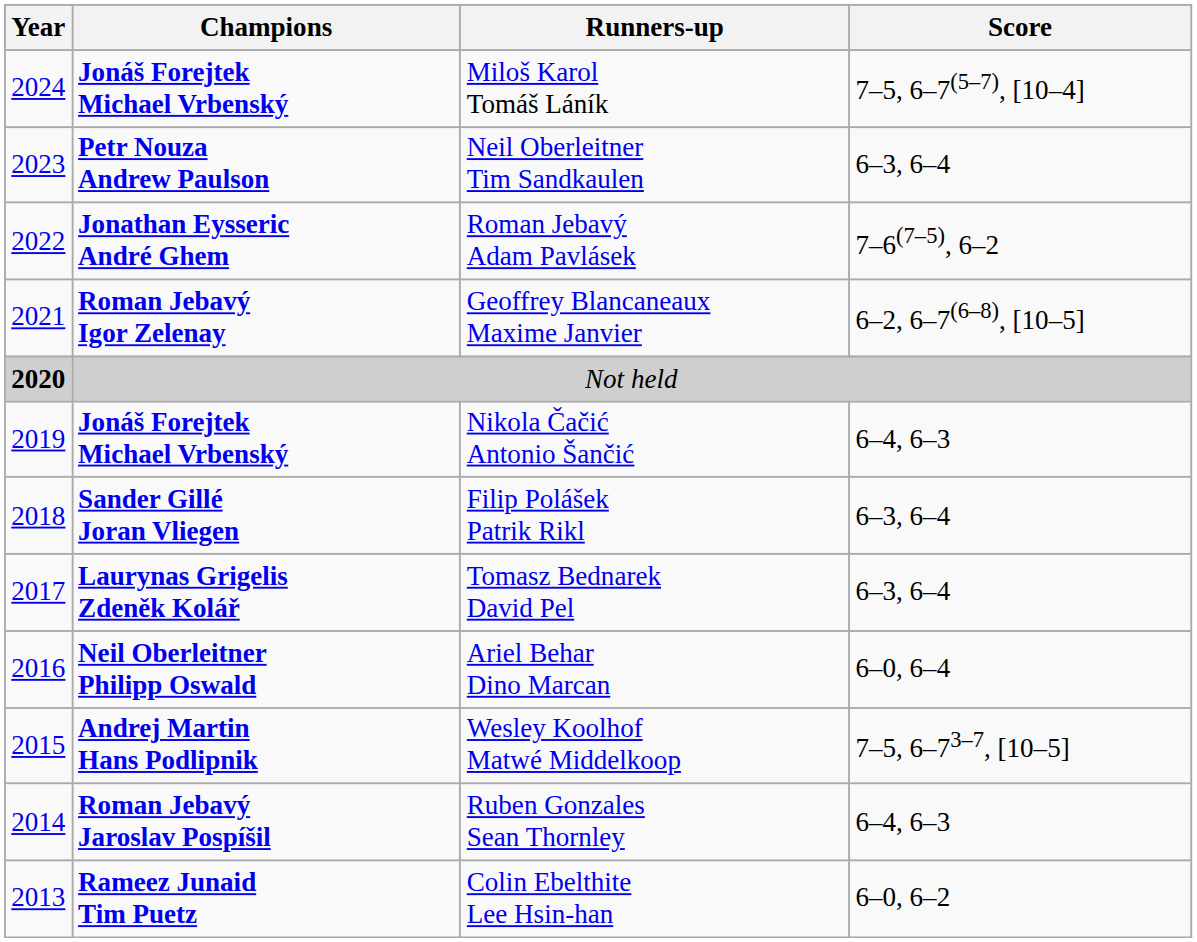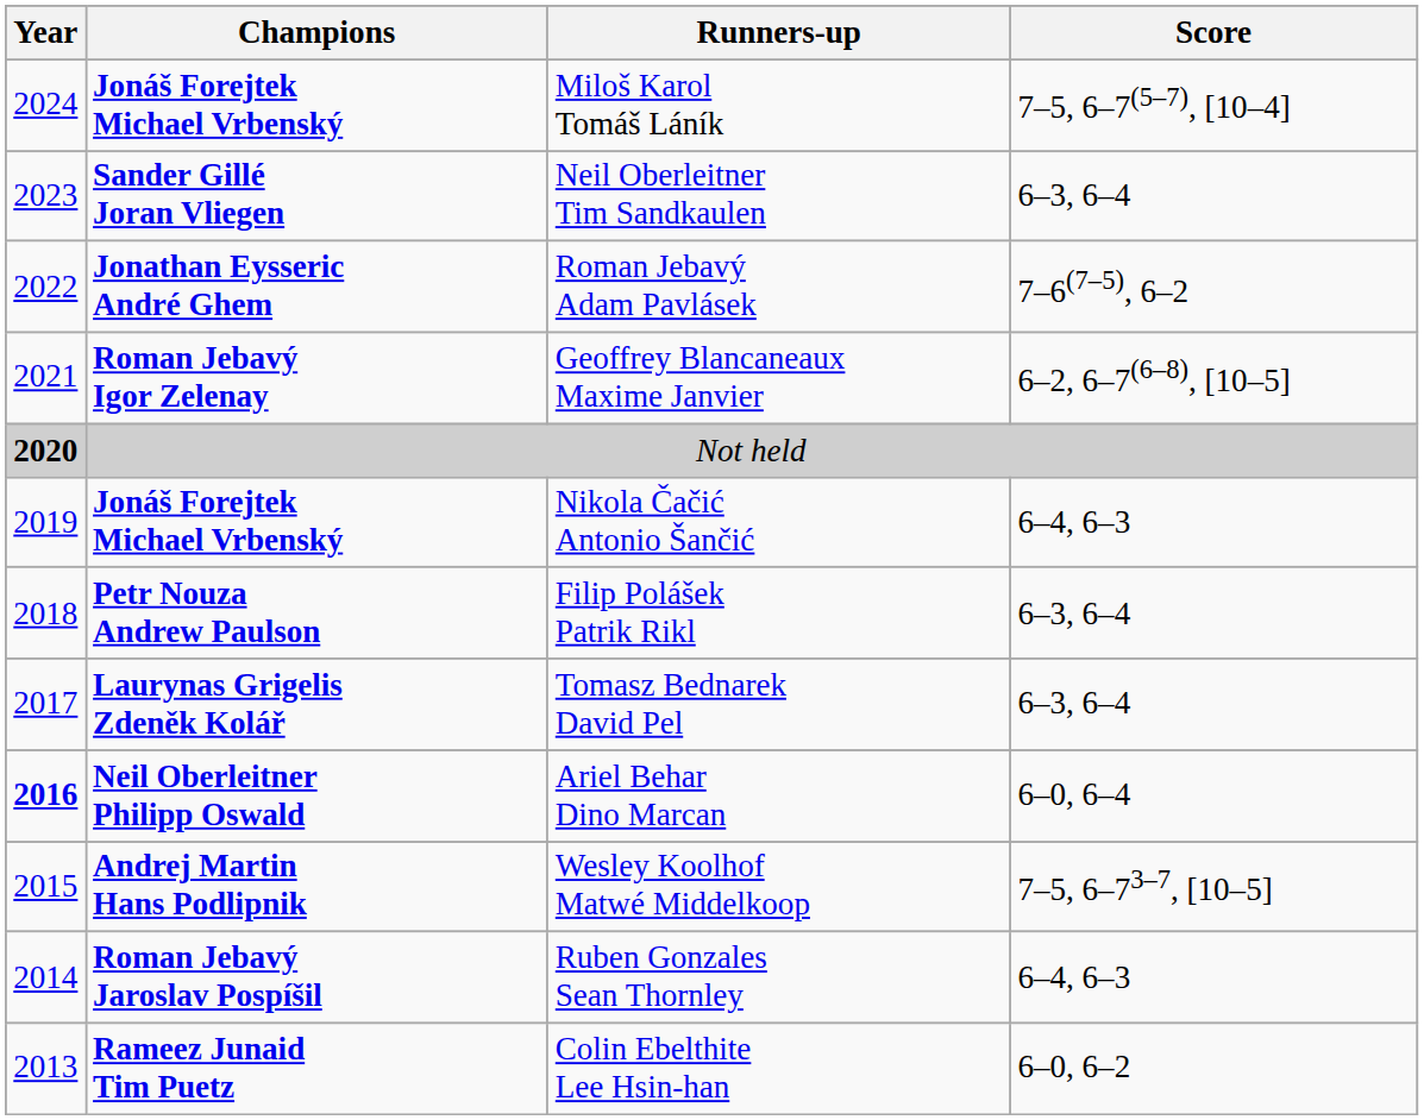 <table class="wikitable" style="font-size:90%">
 <tr>
 <th>Year</th>
 <th width="200">Champions</th>
 <th width="200">Runners-up</th>
 <th width="175">Score</th>
 </tr>
 <tr>
 <td><a href='#'>2024</a></td>
 <td> <strong><a href='#'>Jonáš Forejtek</a></strong> <br>  <strong><a href='#'>Michael Vrbenský</a></strong></td>
 <td> <a href='#'>Miloš Karol</a> <br>  Tomáš Láník</td>
 <td>7–5, 6–7<sup>(5–7)</sup>, [10–4]</td>
 </tr>
 <tr>
 <td><a href='#'>2023</a></td>
-<td> <strong><a href='#'>Petr Nouza</a></strong> <br>  <strong><a href='#'>Andrew Paulson</a></strong></td>
+<td> <strong><a href='#'>Sander Gillé</a></strong> <br>  <strong><a href='#'>Joran Vliegen</a></strong></td>
 <td> <a href='#'>Neil Oberleitner</a> <br>  <a href='#'>Tim Sandkaulen</a></td>
 <td>6–3, 6–4</td>
 </tr>
 <tr>
 <td><a href='#'>2022</a></td>
 <td> <strong><a href='#'>Jonathan Eysseric</a></strong> <br>  <strong><a href='#'>André Ghem</a></strong></td>
 <td> <a href='#'>Roman Jebavý</a> <br>  <a href='#'>Adam Pavlásek</a></td>
 <td>7–6<sup>(7–5)</sup>, 6–2</td>
 </tr>
 <tr>
 <td><a href='#'>2021</a></td>
 <td> <strong><a href='#'>Roman Jebavý</a></strong> <br>  <strong><a href='#'>Igor Zelenay</a></strong></td>
 <td> <a href='#'>Geoffrey Blancaneaux</a> <br>  <a href='#'>Maxime Janvier</a></td>
 <td>6–2, 6–7<sup>(6–8)</sup>, [10–5]</td>
 </tr>
 <tr>
 <td style="background:#cfcfcf"><strong>2020</strong></td>
 <td colspan=3 align=center style="background:#cfcfcf"><em>Not held</em></td>
 </tr>
 <tr>
 <td><a href='#'>2019</a></td>
 <td> <strong><a href='#'>Jonáš Forejtek</a></strong> <br>  <strong><a href='#'>Michael Vrbenský</a></strong></td>
 <td> <a href='#'>Nikola Čačić</a> <br>  <a href='#'>Antonio Šančić</a></td>
 <td>6–4, 6–3</td>
 </tr>
 <tr>
 <td><a href='#'>2018</a></td>
-<td> <strong><a href='#'>Sander Gillé</a></strong> <br>  <strong><a href='#'>Joran Vliegen</a></strong></td>
+<td> <strong><a href='#'>Petr Nouza</a></strong> <br>  <strong><a href='#'>Andrew Paulson</a></strong></td>
 <td> <a href='#'>Filip Polášek</a> <br>  <a href='#'>Patrik Rikl</a></td>
 <td>6–3, 6–4</td>
 </tr>
 <tr>
 <td><a href='#'>2017</a></td>
 <td> <strong><a href='#'>Laurynas Grigelis</a></strong> <br>  <strong><a href='#'>Zdeněk Kolář</a></strong></td>
 <td> <a href='#'>Tomasz Bednarek</a> <br>  <a href='#'>David Pel</a></td>
 <td>6–3, 6–4</td>
 </tr>
 <tr>
-<td><a href='#'>2016</a></td>
+<td><strong><a href='#'>2016</a></strong></td>
 <td> <strong><a href='#'>Neil Oberleitner</a></strong> <br>  <strong><a href='#'>Philipp Oswald</a></strong></td>
 <td> <a href='#'>Ariel Behar</a> <br>  <a href='#'>Dino Marcan</a></td>
 <td>6–0, 6–4</td>
 </tr>
 <tr>
 <td><a href='#'>2015</a></td>
 <td> <strong><a href='#'>Andrej Martin</a></strong> <br>  <strong><a href='#'>Hans Podlipnik</a></strong></td>
 <td> <a href='#'>Wesley Koolhof</a> <br>  <a href='#'>Matwé Middelkoop</a></td>
 <td>7–5, 6–7<sup>3–7</sup>, [10–5]</td>
 </tr>
 <tr>
 <td><a href='#'>2014</a></td>
 <td> <strong><a href='#'>Roman Jebavý</a></strong> <br>  <strong><a href='#'>Jaroslav Pospíšil</a></strong></td>
 <td> <a href='#'>Ruben Gonzales</a> <br>  <a href='#'>Sean Thornley</a></td>
 <td>6–4, 6–3</td>
 </tr>
 <tr>
 <td><a href='#'>2013</a></td>
 <td> <strong><a href='#'>Rameez Junaid</a></strong> <br>  <strong><a href='#'>Tim Puetz</a></strong></td>
 <td> <a href='#'>Colin Ebelthite</a> <br>  <a href='#'>Lee Hsin-han</a></td>
 <td>6–0, 6–2</td>
 </tr>
 </table>
